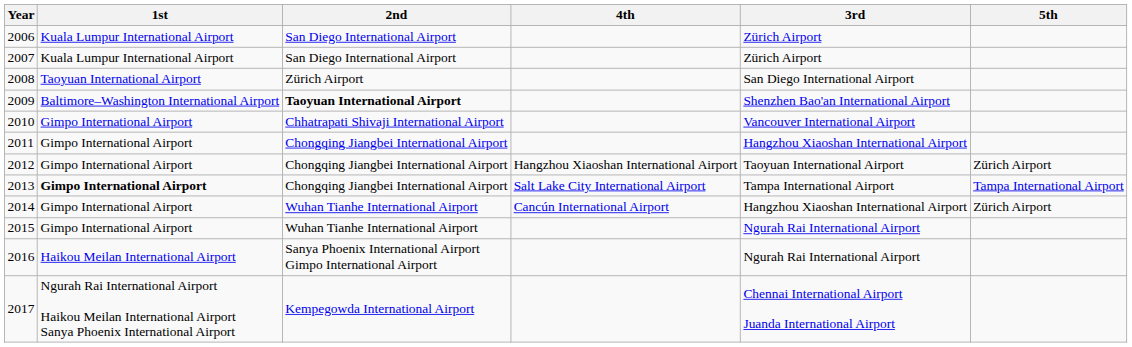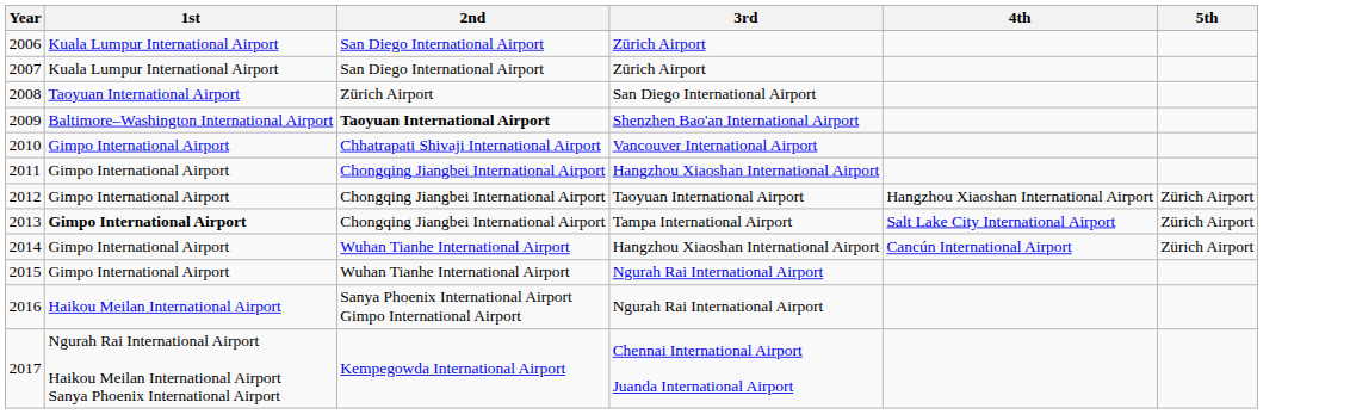 <table class="wikitable">
 <tr>
 <th>Year</th>
 <th>1st</th>
 <th>2nd</th>
+<th>3rd</th>
 <th>4th</th>
-<th>3rd</th>
 <th>5th</th>
 </tr>
 <tr>
 <td>2006</td>
 <td> <a href='#'>Kuala Lumpur International Airport</a></td>
 <td> <a href='#'>San Diego International Airport</a></td>
+<td> <a href='#'>Zürich Airport</a></td>
 <td></td>
-<td> <a href='#'>Zürich Airport</a></td>
 <td></td>
 </tr>
 <tr>
 <td>2007</td>
 <td> Kuala Lumpur International Airport</td>
 <td> San Diego International Airport</td>
+<td> Zürich Airport</td>
 <td></td>
-<td> Zürich Airport</td>
 <td></td>
 </tr>
 <tr>
 <td>2008</td>
 <td> <a href='#'>Taoyuan International Airport</a></td>
 <td> Zürich Airport</td>
+<td> San Diego International Airport</td>
 <td></td>
-<td> San Diego International Airport</td>
 <td></td>
 </tr>
 <tr>
 <td>2009</td>
 <td> <a href='#'>Baltimore–Washington International Airport</a></td>
 <td><strong> Taoyuan International Airport</strong></td>
+<td> <a href='#'>Shenzhen Bao'an International Airport</a></td>
 <td></td>
-<td> <a href='#'>Shenzhen Bao'an International Airport</a></td>
 <td></td>
 </tr>
 <tr>
 <td>2010</td>
 <td> <a href='#'>Gimpo International Airport</a></td>
 <td> <a href='#'>Chhatrapati Shivaji International Airport</a></td>
+<td> <a href='#'>Vancouver International Airport</a></td>
 <td></td>
-<td> <a href='#'>Vancouver International Airport</a></td>
 <td></td>
 </tr>
 <tr>
 <td>2011</td>
 <td> Gimpo International Airport</td>
 <td> <a href='#'>Chongqing Jiangbei International Airport</a></td>
+<td> <a href='#'>Hangzhou Xiaoshan International Airport</a></td>
 <td></td>
-<td> <a href='#'>Hangzhou Xiaoshan International Airport</a></td>
 <td></td>
 </tr>
 <tr>
 <td>2012</td>
 <td> Gimpo International Airport</td>
 <td> Chongqing Jiangbei International Airport</td>
+<td> Taoyuan International Airport</td>
 <td> Hangzhou Xiaoshan International Airport</td>
-<td> Taoyuan International Airport</td>
 <td> Zürich Airport</td>
 </tr>
 <tr>
 <td>2013</td>
 <td><strong> Gimpo International Airport</strong></td>
 <td> Chongqing Jiangbei International Airport</td>
+<td> Tampa International Airport</td>
 <td> <a href='#'>Salt Lake City International Airport</a></td>
-<td> Tampa International Airport</td>
-<td> <a href='#'>Tampa International Airport</a></td>
+<td> Zürich Airport</td>
 </tr>
 <tr>
 <td>2014</td>
 <td> Gimpo International Airport</td>
 <td> <a href='#'>Wuhan Tianhe International Airport</a></td>
+<td> Hangzhou Xiaoshan International Airport</td>
 <td> <a href='#'>Cancún International Airport</a></td>
-<td> Hangzhou Xiaoshan International Airport</td>
 <td> Zürich Airport</td>
 </tr>
 <tr>
 <td>2015</td>
 <td> Gimpo International Airport</td>
 <td> Wuhan Tianhe International Airport</td>
+<td> <a href='#'>Ngurah Rai International Airport</a></td>
 <td></td>
-<td> <a href='#'>Ngurah Rai International Airport</a></td>
 <td></td>
 </tr>
 <tr>
 <td>2016</td>
 <td> <a href='#'>Haikou Meilan International Airport</a></td>
 <td> Sanya Phoenix International Airport<br> Gimpo International Airport</td>
+<td> Ngurah Rai International Airport</td>
 <td></td>
-<td> Ngurah Rai International Airport</td>
 <td></td>
 </tr>
 <tr>
 <td>2017</td>
 <td> Ngurah Rai International Airport<br><br> Haikou Meilan International Airport<br>  Sanya Phoenix International Airport</td>
 <td> <a href='#'>Kempegowda International Airport</a></td>
+<td> <a href='#'>Chennai International Airport</a> <br><br> <a href='#'>Juanda International Airport</a></td>
 <td></td>
-<td> <a href='#'>Chennai International Airport</a> <br><br> <a href='#'>Juanda International Airport</a></td>
 <td></td>
 </tr>
 </table>
